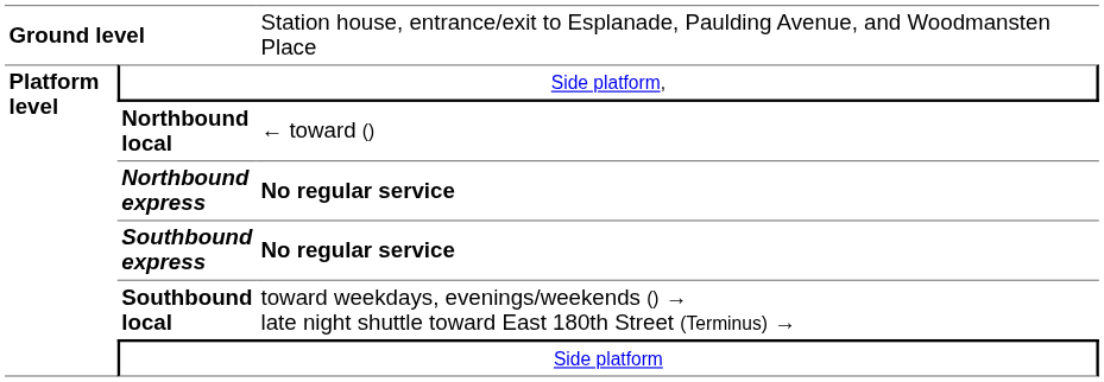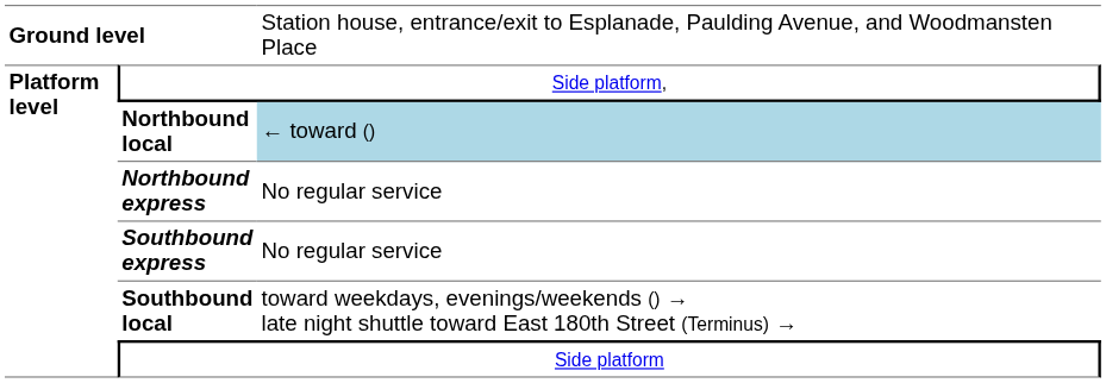 <table table border=0 cellspacing=0 cellpadding=3>
 <tr>
 <td style="border-top:solid 1px gray;" colspan=2><strong>Ground level</strong></td>
 <td style="border-top:solid 1px gray;">Station house, entrance/exit to Esplanade, Paulding Avenue, and Woodmansten Place</td>
 </tr>
 <tr>
 <td width=75 style="border-top:solid 1px gray;border-bottom:solid 1px gray;" rowspan=6 valign=top><strong>Platform level</strong></td>
 <td style="border-top:solid 1px gray;border-right:solid 2px black;border-left:solid 2px black;border-bottom:solid 2px black;text-align:center;" colspan=2><small><a href='#'>Side platform</a>,</small></td>
 </tr>
 <tr>
 <td width=75 style="border-bottom:solid 1px gray;"><span><strong>Northbound local</strong></span></td>
-<td width=600 style="border-bottom:solid 1px gray;">←  toward  <small>()</small></td>
+<td width=600 style="background: lightblue; border-bottom:solid 1px gray;">←  toward  <small>()</small></td>
 </tr>
 <tr>
 <td style="border-bottom:solid 1px gray;"><strong><em>Northbound express</em></strong></td>
-<td style="border-bottom:solid 1px gray;"><strong> No regular service</strong></td>
+<td style="border-bottom:solid 1px gray;"> No regular service</td>
 </tr>
 <tr>
 <td style="border-bottom:solid 1px gray;"><strong><em>Southbound express</em></strong></td>
-<td style="border-bottom:solid 1px gray;"><strong> No regular service</strong></td>
+<td style="border-bottom:solid 1px gray;"> No regular service</td>
 </tr>
 <tr>
 <td><span><strong>Southbound local</strong></span></td>
 <td>  toward  weekdays,  evenings/weekends <small>()</small> →<br>  late night shuttle toward East 180th Street <small>(Terminus)</small> →</td>
 </tr>
 <tr>
 <td style="border-top:solid 2px black;border-bottom:solid 1px gray;border-right:solid 2px black;border-left:solid 2px black;text-align:center;" colspan=2><small><a href='#'>Side platform</a></small></td>
 </tr>
 </table>
